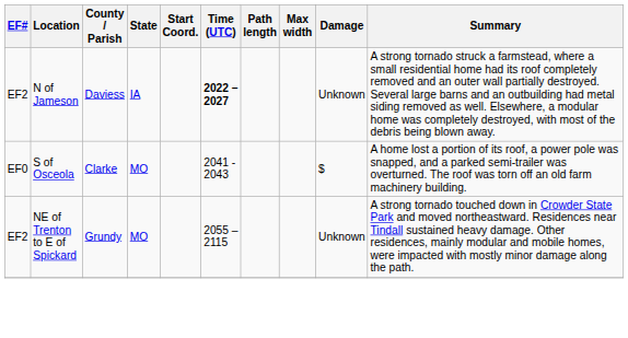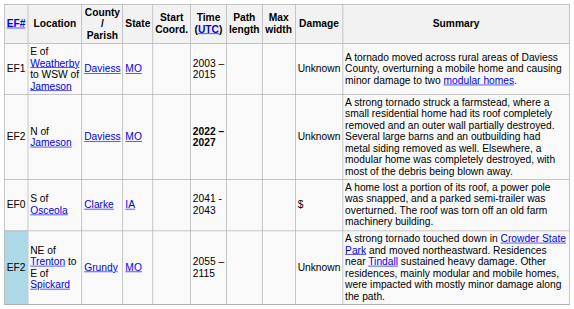 <table class="wikitable sortable" style="width:100%;">
 <tr>
 <th scope="col" width="3%" align="center"><a href='#'>EF#</a></th>
 <th scope="col" width="7%" align="center" class="unsortable">Location</th>
 <th scope="col" width="6%" align="center" class="unsortable">County / Parish</th>
 <th scope="col" width="5%" align="center">State</th>
 <th scope="col" width="6%" align="center">Start Coord.</th>
 <th scope="col" width="6%" align="center">Time (<a href='#'>UTC</a>)</th>
 <th scope="col" width="6%" align="center">Path length</th>
 <th scope="col" width="6%" align="center">Max width</th>
 <th scope="col" width="6%" align="center">Damage</th>
 <th scope="col" width="48%" class="unsortable" align="center">Summary</th>
 </tr>
 <tr>
+<td>EF1</td>
+<td>E of <a href='#'>Weatherby</a> to WSW of <a href='#'>Jameson</a></td>
+<td><a href='#'>Daviess</a></td>
+<td><a href='#'>MO</a></td>
+<td></td>
+<td>2003 – 2015</td>
+<td></td>
+<td></td>
+<td>Unknown</td>
+<td>A tornado moved across rural areas of Daviess County, overturning a mobile home and causing minor damage to two <a href='#'>modular homes</a>.</td>
+</tr>
+<tr>
 <td>EF2</td>
 <td>N of <a href='#'>Jameson</a></td>
 <td><a href='#'>Daviess</a></td>
-<td><a href='#'>IA</a></td>
+<td><a href='#'>MO</a></td>
 <td></td>
 <td><strong>2022 – 2027</strong></td>
 <td></td>
 <td></td>
 <td>Unknown</td>
 <td>A strong tornado struck a farmstead, where a small residential home had its roof completely removed and an outer wall partially destroyed. Several large barns and an outbuilding had metal siding removed as well. Elsewhere, a modular home was completely destroyed, with most of the debris being blown away.</td>
 </tr>
 <tr>
 <td>EF0</td>
 <td>S of <a href='#'>Osceola</a></td>
 <td><a href='#'>Clarke</a></td>
-<td><a href='#'>MO</a></td>
+<td><a href='#'>IA</a></td>
 <td></td>
 <td>2041 - 2043</td>
 <td></td>
 <td></td>
 <td>$</td>
 <td>A home lost a portion of its roof, a power pole was snapped, and a parked semi-trailer was overturned. The roof was torn off an old farm machinery building.</td>
 </tr>
 <tr>
-<td>EF2</td>
+<td style="background: lightblue;">EF2</td>
 <td>NE of <a href='#'>Trenton</a> to E of <a href='#'>Spickard</a></td>
 <td><a href='#'>Grundy</a></td>
 <td><a href='#'>MO</a></td>
 <td></td>
 <td>2055 – 2115</td>
 <td></td>
 <td></td>
 <td>Unknown</td>
 <td>A strong tornado touched down in <a href='#'>Crowder State Park</a> and moved northeastward. Residences near <a href='#'>Tindall</a> sustained heavy damage. Other residences, mainly modular and mobile homes, were impacted with mostly minor damage along the path.</td>
 </tr>
 <tr>
 </tr>
 </table>
